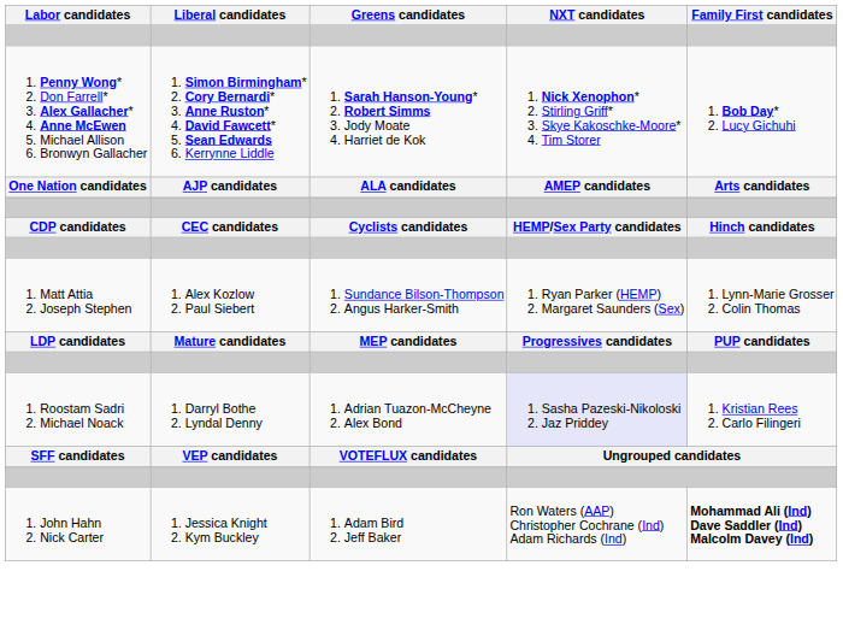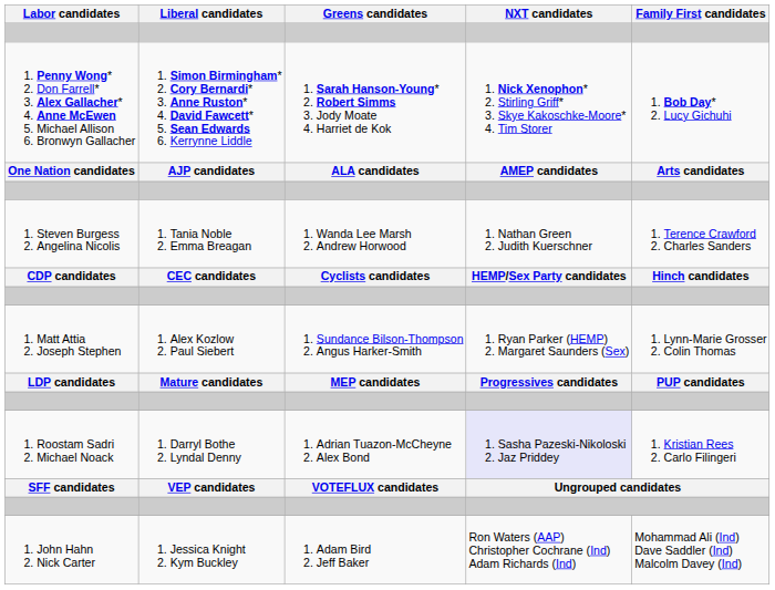 <table class="wikitable">
 <tr>
 <th><a href='#'>Labor</a> candidates</th>
 <th><a href='#'>Liberal</a> candidates</th>
 <th><a href='#'>Greens</a> candidates</th>
 <th><a href='#'>NXT</a> candidates</th>
 <th><a href='#'>Family First</a> candidates</th>
 </tr>
 <tr style="background:#ccc;">
 <td> </td>
 <td> </td>
 <td> </td>
 <td> </td>
 <td> </td>
 </tr>
 <tr>
 <td><br><ol><li><strong><a href='#'>Penny Wong</a></strong>*</li><li><a href='#'>Don Farrell</a>*</li><li><strong><a href='#'>Alex Gallacher</a></strong>*</li><li><strong><a href='#'>Anne McEwen</a></strong></li><li>Michael Allison</li><li>Bronwyn Gallacher</li></ol></td>
 <td><br><ol><li><strong><a href='#'>Simon Birmingham</a></strong>*</li><li><strong><a href='#'>Cory Bernardi</a></strong>*</li><li><strong><a href='#'>Anne Ruston</a></strong>*</li><li><strong><a href='#'>David Fawcett</a></strong>*</li><li><strong><a href='#'>Sean Edwards</a></strong></li><li><a href='#'>Kerrynne Liddle</a></li></ol></td>
 <td><br><ol><li><strong><a href='#'>Sarah Hanson-Young</a></strong>*</li><li><strong><a href='#'>Robert Simms</a></strong></li><li>Jody Moate</li><li>Harriet de Kok</li></ol></td>
 <td><br><ol><li><strong><a href='#'>Nick Xenophon</a></strong>*</li><li><a href='#'>Stirling Griff</a>*</li><li><a href='#'>Skye Kakoschke-Moore</a>*</li><li><a href='#'>Tim Storer</a></li></ol></td>
 <td><br><ol><li><strong><a href='#'>Bob Day</a></strong>*</li><li><a href='#'>Lucy Gichuhi</a></li></ol></td>
 </tr>
 <tr style="background:#ccc;">
 <th><a href='#'>One Nation</a> candidates</th>
 <th><a href='#'>AJP</a> candidates</th>
 <th><a href='#'>ALA</a> candidates</th>
 <th><a href='#'>AMEP</a> candidates</th>
 <th><a href='#'>Arts</a> candidates</th>
 </tr>
 <tr style="background:#ccc;">
 <td> </td>
 <td> </td>
 <td> </td>
 <td> </td>
 <td> </td>
+</tr>
+<tr>
+<td valign=top><br><ol><li>Steven Burgess</li><li>Angelina Nicolis</li></ol></td>
+<td valign=top><br><ol><li>Tania Noble</li><li>Emma Breagan</li></ol></td>
+<td valign=top><br><ol><li>Wanda Lee Marsh</li><li>Andrew Horwood</li></ol></td>
+<td valign=top><br><ol><li>Nathan Green</li><li>Judith Kuerschner</li></ol></td>
+<td valign=top><br><ol><li><a href='#'>Terence Crawford</a></li><li>Charles Sanders</li></ol></td>
 </tr>
 <tr style="background:#ccc;">
 <th><a href='#'>CDP</a> candidates</th>
 <th><a href='#'>CEC</a> candidates</th>
 <th><a href='#'>Cyclists</a> candidates</th>
 <th><a href='#'>HEMP</a>/<a href='#'>Sex Party</a> candidates</th>
 <th><a href='#'>Hinch</a> candidates</th>
 </tr>
 <tr style="background:#ccc;">
 <td> </td>
 <td> </td>
 <td> </td>
 <td> </td>
 <td> </td>
 </tr>
 <tr>
 <td valign=top><br><ol><li>Matt Attia</li><li>Joseph Stephen</li></ol></td>
 <td valign=top><br><ol><li>Alex Kozlow</li><li>Paul Siebert</li></ol></td>
 <td valign=top><br><ol><li><a href='#'>Sundance Bilson-Thompson</a></li><li>Angus Harker-Smith</li></ol></td>
 <td valign=top><br><ol><li>Ryan Parker (<a href='#'>HEMP</a>)</li><li>Margaret Saunders (<a href='#'>Sex</a>)</li></ol></td>
 <td valign=top><br><ol><li>Lynn-Marie Grosser</li><li>Colin Thomas</li></ol></td>
 </tr>
 <tr style="background:#ccc;">
 <th><a href='#'>LDP</a> candidates</th>
 <th><a href='#'>Mature</a> candidates</th>
 <th><a href='#'>MEP</a> candidates</th>
 <th><a href='#'>Progressives</a> candidates</th>
 <th><a href='#'>PUP</a> candidates</th>
 </tr>
 <tr style="background:#ccc;">
 <td> </td>
 <td> </td>
 <td> </td>
 <td> </td>
 <td> </td>
 </tr>
 <tr>
 <td valign=top><br><ol><li>Roostam Sadri</li><li>Michael Noack</li></ol></td>
 <td valign=top><br><ol><li>Darryl Bothe</li><li>Lyndal Denny</li></ol></td>
 <td valign=top><br><ol><li>Adrian Tuazon-McCheyne</li><li>Alex Bond</li></ol></td>
 <td valign=top style="background: lavender;"><br><ol><li>Sasha Pazeski-Nikoloski</li><li>Jaz Priddey</li></ol></td>
 <td valign=top><br><ol><li><a href='#'>Kristian Rees</a></li><li>Carlo Filingeri</li></ol></td>
 </tr>
 <tr style="background:#ccc;">
 <th><a href='#'>SFF</a> candidates</th>
 <th><a href='#'>VEP</a> candidates</th>
 <th><a href='#'>VOTEFLUX</a> candidates</th>
 <th colspan=2>Ungrouped candidates</th>
 </tr>
 <tr style="background:#ccc;">
 <td> </td>
 <td> </td>
 <td> </td>
 <td colspan=2> </td>
 </tr>
 <tr>
 <td valign=top><br><ol><li>John Hahn</li><li>Nick Carter</li></ol></td>
 <td valign=top><br><ol><li>Jessica Knight</li><li>Kym Buckley</li></ol></td>
 <td valign=top><br><ol><li>Adam Bird</li><li>Jeff Baker</li></ol></td>
 <td valign=top><br>Ron Waters (<a href='#'>AAP</a>)<br> Christopher Cochrane (<a href='#'>Ind</a>)<br> Adam Richards (<a href='#'>Ind</a>)</td>
-<td valign=top><strong><br>Mohammad Ali (<a href='#'>Ind</a>)<br> Dave Saddler (<a href='#'>Ind</a>)<br> Malcolm Davey (<a href='#'>Ind</a>)</strong></td>
+<td valign=top><br>Mohammad Ali (<a href='#'>Ind</a>)<br> Dave Saddler (<a href='#'>Ind</a>)<br> Malcolm Davey (<a href='#'>Ind</a>)</td>
 </tr>
 </table>
